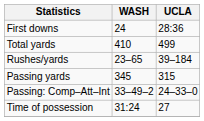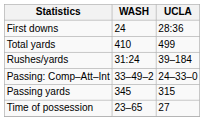 <table class="wikitable" style="float: left;">
 <tr>
 <th>Statistics</th>
 <th>WASH</th>
 <th>UCLA</th>
 </tr>
 <tr>
 <td>First downs</td>
 <td>24</td>
 <td>28:36</td>
 </tr>
 <tr>
 <td>Total yards</td>
 <td>410</td>
 <td>499</td>
 </tr>
 <tr>
 <td>Rushes/yards</td>
-<td>23–65</td>
+<td>31:24</td>
 <td>39–184</td>
+</tr>
+<tr>
+<td>Passing: Comp–Att–Int</td>
+<td>33–49–2</td>
+<td>24–33–0</td>
 </tr>
 <tr>
 <td>Passing yards</td>
 <td>345</td>
 <td>315</td>
 </tr>
 <tr>
-<td>Passing: Comp–Att–Int</td>
-<td>33–49–2</td>
-<td>24–33–0</td>
-</tr>
-<tr>
 <td>Time of possession</td>
-<td>31:24</td>
+<td>23–65</td>
 <td>27</td>
 </tr>
 <tr>
 </tr>
 </table>
